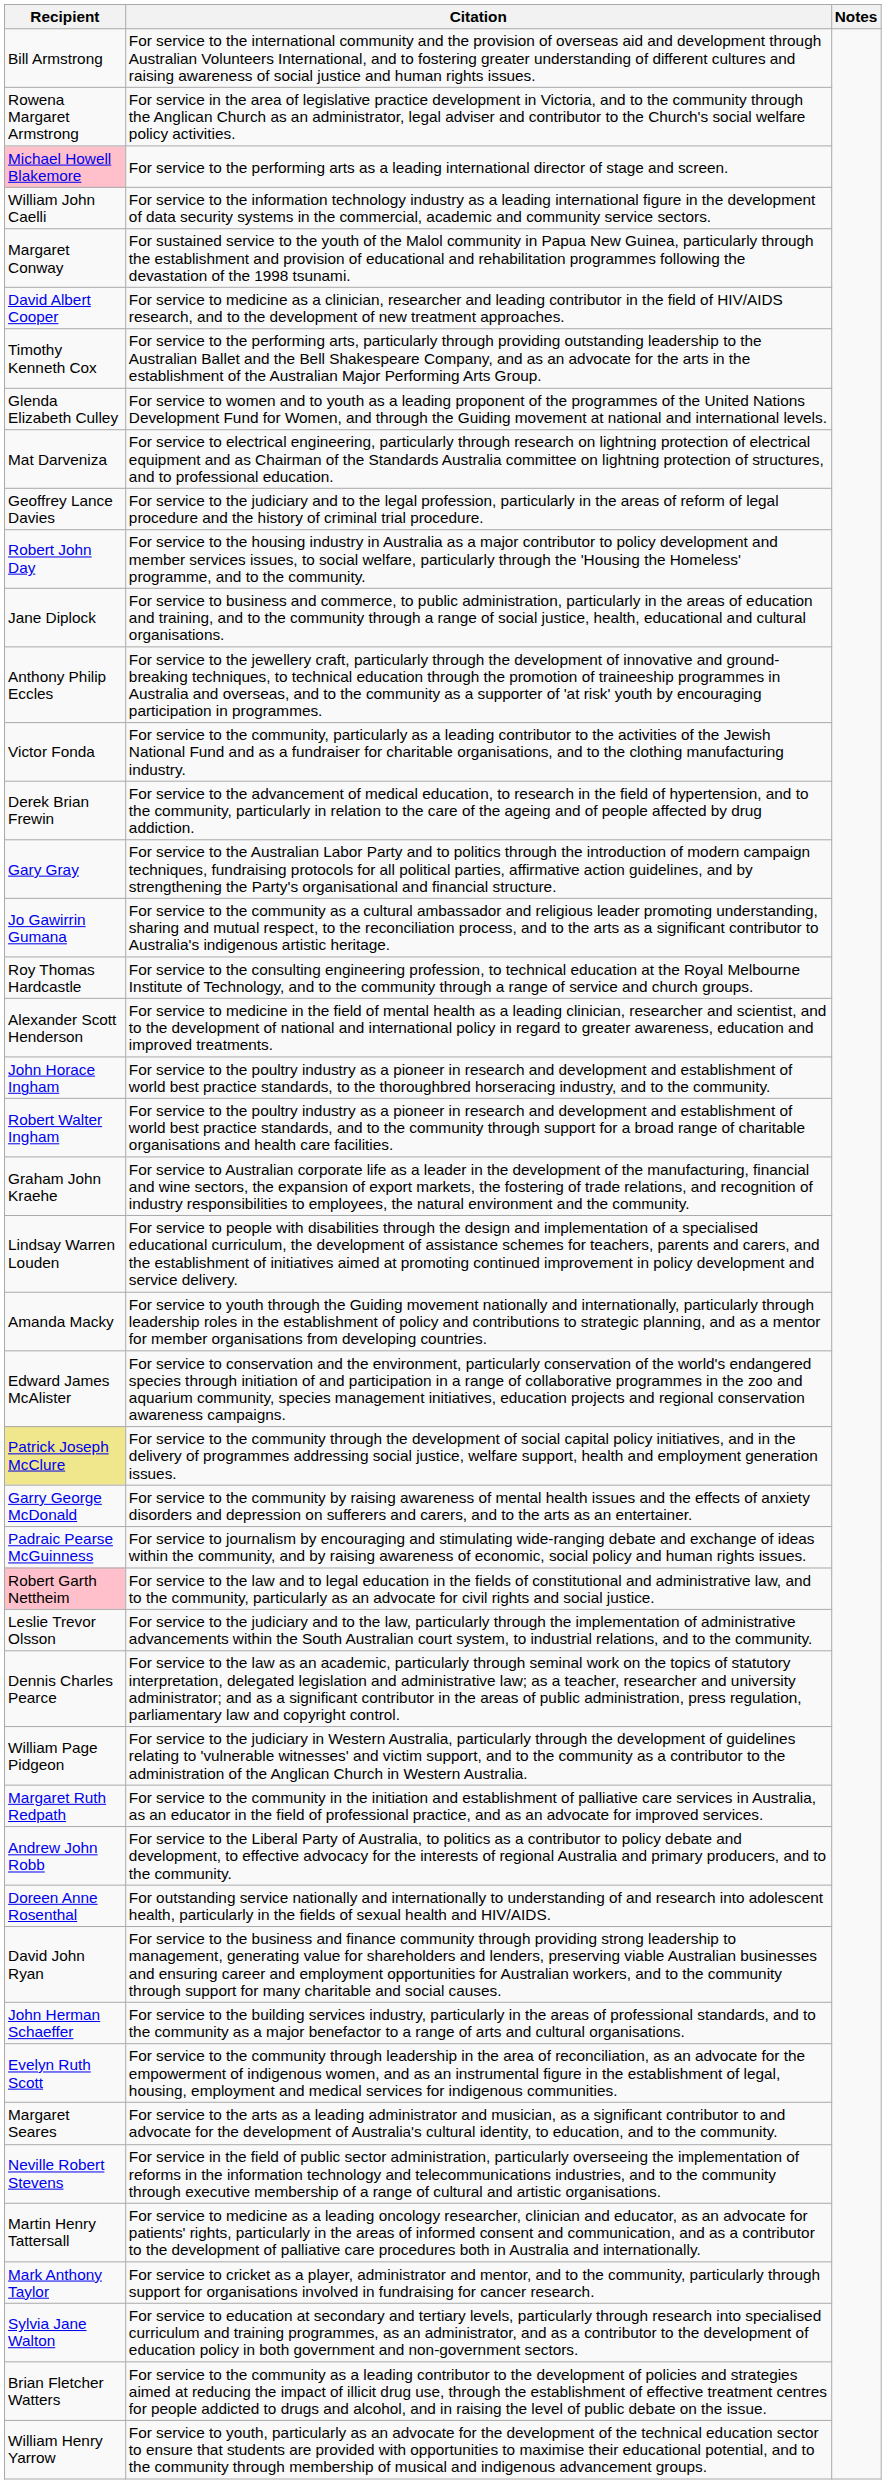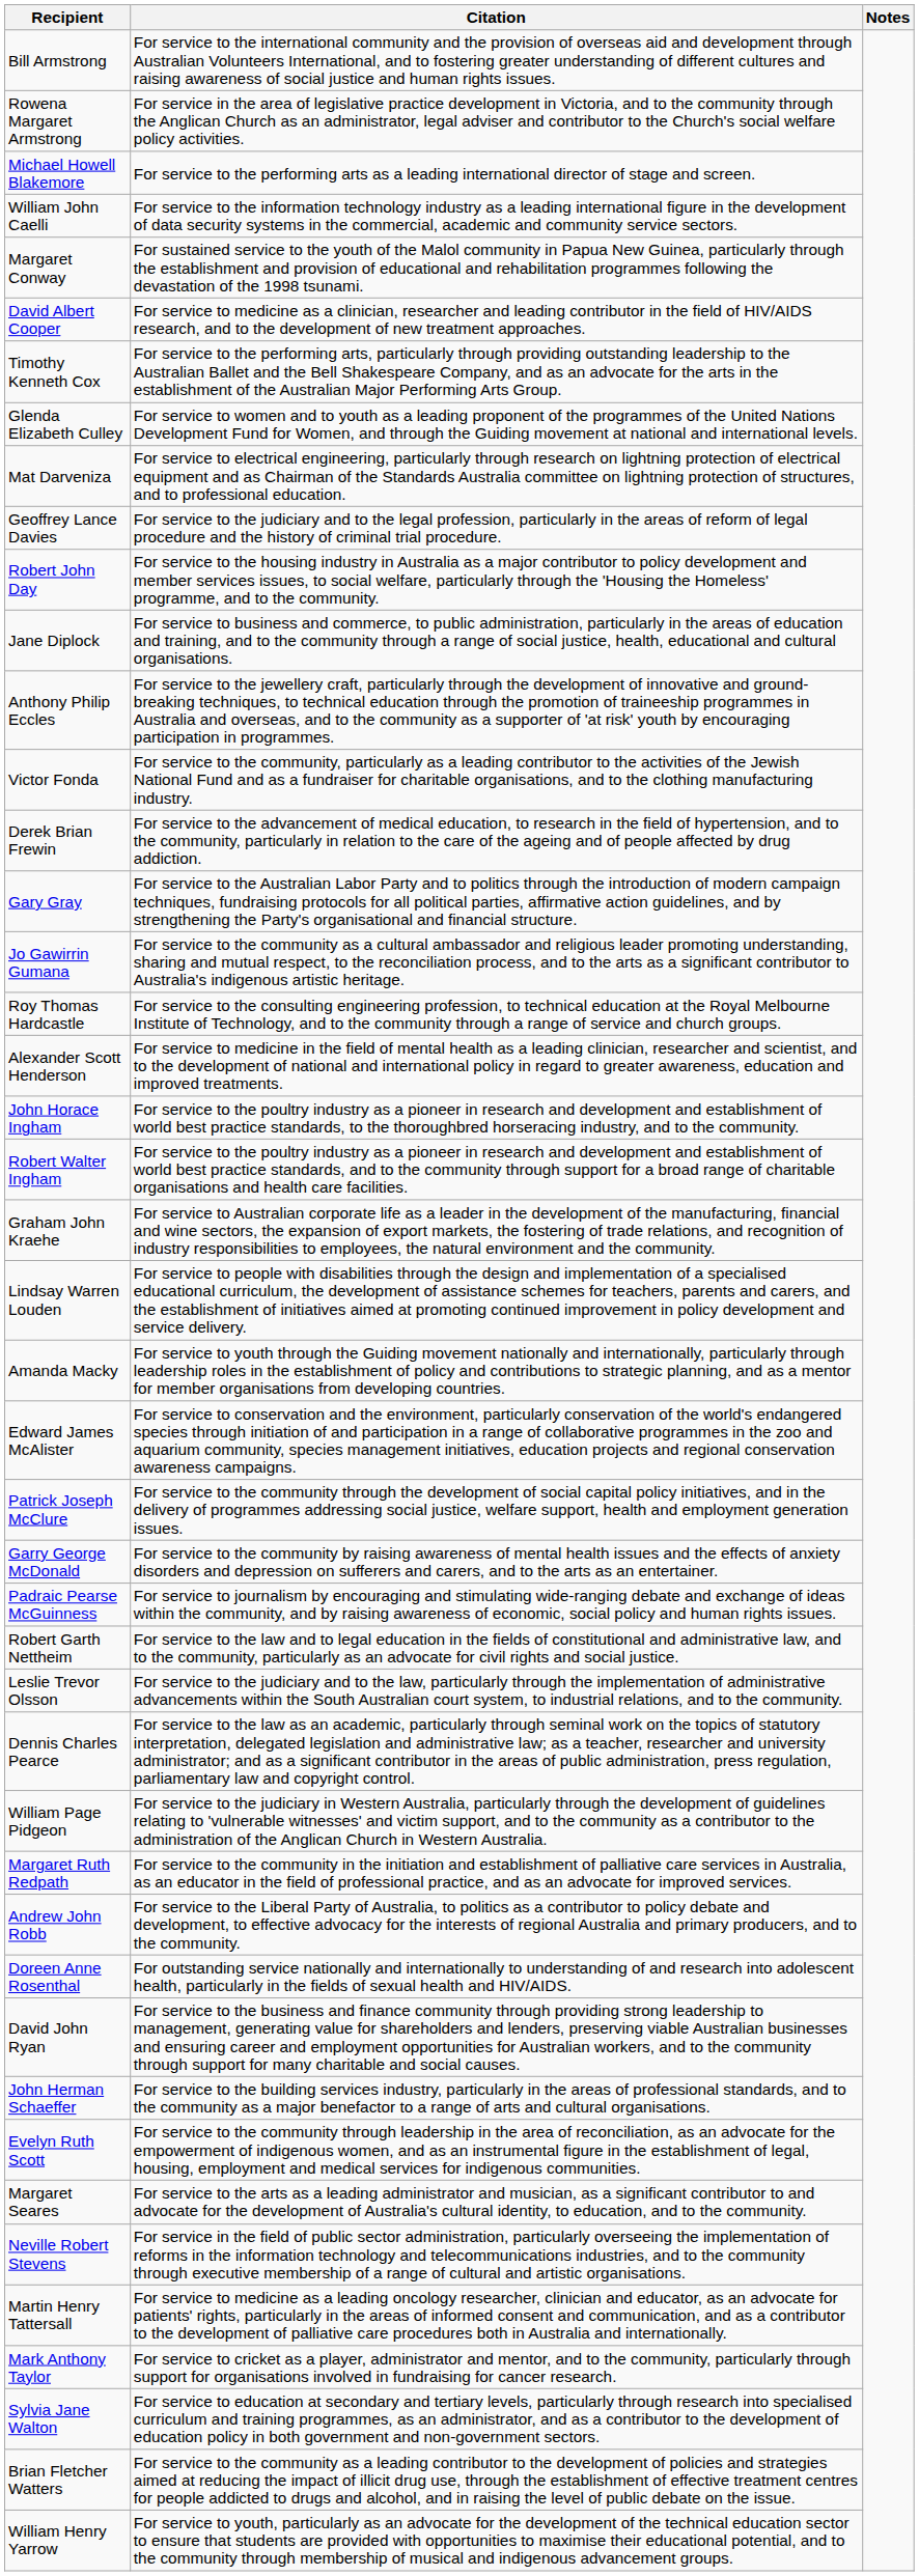 <table class="wikitable" style="font-size:95%;">
 <tr>
 <th>Recipient</th>
 <th>Citation</th>
 <th>Notes</th>
 </tr>
 <tr>
 <td>Bill Armstrong</td>
 <td>For service to the international community and the provision of overseas aid and development through Australian Volunteers International, and to fostering greater understanding of different cultures and raising awareness of social justice and human rights issues.</td>
 <td rowspan=45></td>
 </tr>
 <tr>
 <td>Rowena Margaret Armstrong</td>
 <td>For service in the area of legislative practice development in Victoria, and to the community through the Anglican Church as an administrator, legal adviser and contributor to the Church's social welfare policy activities.</td>
 </tr>
 <tr>
-<td style="background: pink;"><a href='#'>Michael Howell Blakemore</a></td>
+<td><a href='#'>Michael Howell Blakemore</a></td>
 <td>For service to the performing arts as a leading international director of stage and screen.</td>
 </tr>
 <tr>
 <td> William John Caelli</td>
 <td>For service to the information technology industry as a leading international figure in the development of data security systems in the commercial, academic and community service sectors.</td>
 </tr>
 <tr>
 <td> Margaret Conway</td>
 <td>For sustained service to the youth of the Malol community in Papua New Guinea, particularly through the establishment and provision of educational and rehabilitation programmes following the devastation of the 1998 tsunami.</td>
 </tr>
 <tr>
 <td> <a href='#'>David Albert Cooper</a></td>
 <td>For service to medicine as a clinician, researcher and leading contributor in the field of HIV/AIDS research, and to the development of new treatment approaches.</td>
 </tr>
 <tr>
 <td>Timothy Kenneth Cox</td>
 <td>For service to the performing arts, particularly through providing outstanding leadership to the Australian Ballet and the Bell Shakespeare Company, and as an advocate for the arts in the establishment of the Australian Major Performing Arts Group.</td>
 </tr>
 <tr>
 <td>Glenda Elizabeth Culley</td>
 <td>For service to women and to youth as a leading proponent of the programmes of the United Nations Development Fund for Women, and through the Guiding movement at national and international levels.</td>
 </tr>
 <tr>
 <td> Mat Darveniza</td>
 <td>For service to electrical engineering, particularly through research on lightning protection of electrical equipment and as Chairman of the Standards Australia committee on lightning protection of structures, and to professional education.</td>
 </tr>
 <tr>
 <td> Geoffrey Lance Davies</td>
 <td>For service to the judiciary and to the legal profession, particularly in the areas of reform of legal procedure and the history of criminal trial procedure.</td>
 </tr>
 <tr>
 <td><a href='#'>Robert John Day</a></td>
 <td>For service to the housing industry in Australia as a major contributor to policy development and member services issues, to social welfare, particularly through the 'Housing the Homeless' programme, and to the community.</td>
 </tr>
 <tr>
 <td>Jane Diplock</td>
 <td>For service to business and commerce, to public administration, particularly in the areas of education and training, and to the community through a range of social justice, health, educational and cultural organisations.</td>
 </tr>
 <tr>
 <td>Anthony Philip Eccles</td>
 <td>For service to the jewellery craft, particularly through the development of innovative and ground-breaking techniques, to technical education through the promotion of traineeship programmes in Australia and overseas, and to the community as a supporter of 'at risk' youth by encouraging participation in programmes.</td>
 </tr>
 <tr>
 <td>Victor Fonda</td>
 <td>For service to the community, particularly as a leading contributor to the activities of the Jewish National Fund and as a fundraiser for charitable organisations, and to the clothing manufacturing industry.</td>
 </tr>
 <tr>
 <td> Derek Brian Frewin</td>
 <td>For service to the advancement of medical education, to research in the field of hypertension, and to the community, particularly in relation to the care of the ageing and of people affected by drug addiction.</td>
 </tr>
 <tr>
 <td><a href='#'>Gary Gray</a></td>
 <td>For service to the Australian Labor Party and to politics through the introduction of modern campaign techniques, fundraising protocols for all political parties, affirmative action guidelines, and by strengthening the Party's organisational and financial structure.</td>
 </tr>
 <tr>
 <td><a href='#'>Jo Gawirrin Gumana</a></td>
 <td>For service to the community as a cultural ambassador and religious leader promoting understanding, sharing and mutual respect, to the reconciliation process, and to the arts as a significant contributor to Australia's indigenous artistic heritage.</td>
 </tr>
 <tr>
 <td>Roy Thomas Hardcastle</td>
 <td>For service to the consulting engineering profession, to technical education at the Royal Melbourne Institute of Technology, and to the community through a range of service and church groups.</td>
 </tr>
 <tr>
 <td> Alexander Scott Henderson</td>
 <td>For service to medicine in the field of mental health as a leading clinician, researcher and scientist, and to the development of national and international policy in regard to greater awareness, education and improved treatments.</td>
 </tr>
 <tr>
 <td><a href='#'>John Horace Ingham</a></td>
 <td>For service to the poultry industry as a pioneer in research and development and establishment of world best practice standards, to the thoroughbred horseracing industry, and to the community.</td>
 </tr>
 <tr>
 <td><a href='#'>Robert Walter Ingham</a></td>
 <td>For service to the poultry industry as a pioneer in research and development and establishment of world best practice standards, and to the community through support for a broad range of charitable organisations and health care facilities.</td>
 </tr>
 <tr>
 <td>Graham John Kraehe</td>
 <td>For service to Australian corporate life as a leader in the development of the manufacturing, financial and wine sectors, the expansion of export markets, the fostering of trade relations, and recognition of industry responsibilities to employees, the natural environment and the community.</td>
 </tr>
 <tr>
 <td> Lindsay Warren Louden</td>
 <td>For service to people with disabilities through the design and implementation of a specialised educational curriculum, the development of assistance schemes for teachers, parents and carers, and the establishment of initiatives aimed at promoting continued improvement in policy development and service delivery.</td>
 </tr>
 <tr>
 <td>Amanda Macky</td>
 <td>For service to youth through the Guiding movement nationally and internationally, particularly through leadership roles in the establishment of policy and contributions to strategic planning, and as a mentor for member organisations from developing countries.</td>
 </tr>
 <tr>
 <td>Edward James McAlister</td>
 <td>For service to conservation and the environment, particularly conservation of the world's endangered species through initiation of and participation in a range of collaborative programmes in the zoo and aquarium community, species management initiatives, education projects and regional conservation awareness campaigns.</td>
 </tr>
 <tr>
-<td style="background: khaki;"><a href='#'>Patrick Joseph McClure</a></td>
+<td><a href='#'>Patrick Joseph McClure</a></td>
 <td>For service to the community through the development of social capital policy initiatives, and in the delivery of programmes addressing social justice, welfare support, health and employment generation issues.</td>
 </tr>
 <tr>
 <td><a href='#'>Garry George McDonald</a></td>
 <td>For service to the community by raising awareness of mental health issues and the effects of anxiety disorders and depression on sufferers and carers, and to the arts as an entertainer.</td>
 </tr>
 <tr>
 <td><a href='#'>Padraic Pearse McGuinness</a></td>
 <td>For service to journalism by encouraging and stimulating wide-ranging debate and exchange of ideas within the community, and by raising awareness of economic, social policy and human rights issues.</td>
 </tr>
 <tr>
-<td style="background: pink;"> Robert Garth Nettheim</td>
+<td> Robert Garth Nettheim</td>
 <td>For service to the law and to legal education in the fields of constitutional and administrative law, and to the community, particularly as an advocate for civil rights and social justice.</td>
 </tr>
 <tr>
 <td> Leslie Trevor Olsson</td>
 <td>For service to the judiciary and to the law, particularly through the implementation of administrative advancements within the South Australian court system, to industrial relations, and to the community.</td>
 </tr>
 <tr>
 <td> Dennis Charles Pearce</td>
 <td>For service to the law as an academic, particularly through seminal work on the topics of statutory interpretation, delegated legislation and administrative law; as a teacher, researcher and university administrator; and as a significant contributor in the areas of public administration, press regulation, parliamentary law and copyright control.</td>
 </tr>
 <tr>
 <td> William Page Pidgeon</td>
 <td>For service to the judiciary in Western Australia, particularly through the development of guidelines relating to 'vulnerable witnesses' and victim support, and to the community as a contributor to the administration of the Anglican Church in Western Australia.</td>
 </tr>
 <tr>
 <td> <a href='#'>Margaret Ruth Redpath</a></td>
 <td>For service to the community in the initiation and establishment of palliative care services in Australia, as an educator in the field of professional practice, and as an advocate for improved services.</td>
 </tr>
 <tr>
 <td><a href='#'>Andrew John Robb</a></td>
 <td>For service to the Liberal Party of Australia, to politics as a contributor to policy debate and development, to effective advocacy for the interests of regional Australia and primary producers, and to the community.</td>
 </tr>
 <tr>
 <td> <a href='#'>Doreen Anne Rosenthal</a></td>
 <td>For outstanding service nationally and internationally to understanding of and research into adolescent health, particularly in the fields of sexual health and HIV/AIDS.</td>
 </tr>
 <tr>
 <td>David John Ryan</td>
 <td>For service to the business and finance community through providing strong leadership to management, generating value for shareholders and lenders, preserving viable Australian businesses and ensuring career and employment opportunities for Australian workers, and to the community through support for many charitable and social causes.</td>
 </tr>
 <tr>
 <td><a href='#'>John Herman Schaeffer</a></td>
 <td>For service to the building services industry, particularly in the areas of professional standards, and to the community as a major benefactor to a range of arts and cultural organisations.</td>
 </tr>
 <tr>
 <td> <a href='#'>Evelyn Ruth Scott</a></td>
 <td>For service to the community through leadership in the area of reconciliation, as an advocate for the empowerment of indigenous women, and as an instrumental figure in the establishment of legal, housing, employment and medical services for indigenous communities.</td>
 </tr>
 <tr>
 <td> Margaret Seares</td>
 <td>For service to the arts as a leading administrator and musician, as a significant contributor to and advocate for the development of Australia's cultural identity, to education, and to the community.</td>
 </tr>
 <tr>
 <td><a href='#'>Neville Robert Stevens</a></td>
 <td>For service in the field of public sector administration, particularly overseeing the implementation of reforms in the information technology and telecommunications industries, and to the community through executive membership of a range of cultural and artistic organisations.</td>
 </tr>
 <tr>
 <td> Martin Henry Tattersall</td>
 <td>For service to medicine as a leading oncology researcher, clinician and educator, as an advocate for patients' rights, particularly in the areas of informed consent and communication, and as a contributor to the development of palliative care procedures both in Australia and internationally.</td>
 </tr>
 <tr>
 <td><a href='#'>Mark Anthony Taylor</a></td>
 <td>For service to cricket as a player, administrator and mentor, and to the community, particularly through support for organisations involved in fundraising for cancer research.</td>
 </tr>
 <tr>
 <td><a href='#'>Sylvia Jane Walton</a></td>
 <td>For service to education at secondary and tertiary levels, particularly through research into specialised curriculum and training programmes, as an administrator, and as a contributor to the development of education policy in both government and non-government sectors.</td>
 </tr>
 <tr>
 <td> Brian Fletcher Watters</td>
 <td>For service to the community as a leading contributor to the development of policies and strategies aimed at reducing the impact of illicit drug use, through the establishment of effective treatment centres for people addicted to drugs and alcohol, and in raising the level of public debate on the issue.</td>
 </tr>
 <tr>
 <td>William Henry Yarrow</td>
 <td>For service to youth, particularly as an advocate for the development of the technical education sector to ensure that students are provided with opportunities to maximise their educational potential, and to the community through membership of musical and indigenous advancement groups.</td>
 </tr>
 </table>
